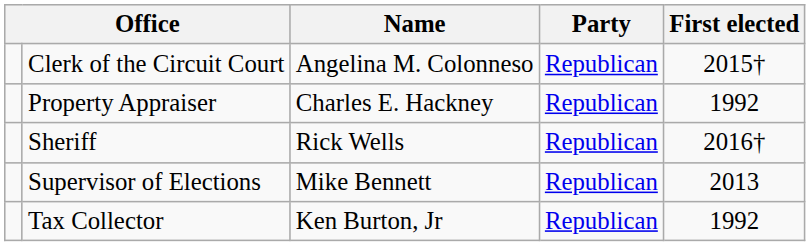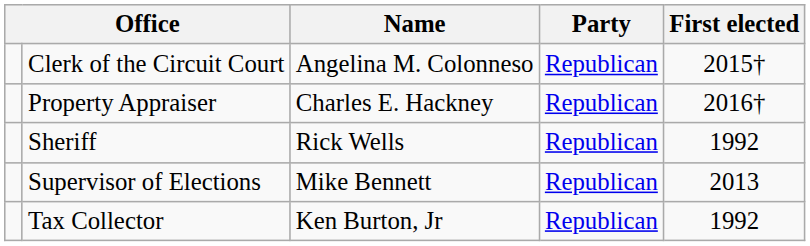 <table class="wikitable" style= margin:10px">
 <tr>
 <th colspan="2"  style="text-align:center; vertical-align:bottom;">Office</th>
 <th style="text-align:center;">Name</th>
 <th valign=bottom>Party</th>
 <th style="vertical-align:bottom; text-align:center;">First elected</th>
 </tr>
 <tr>
 <td style="background-color:"> </td>
 <td>Clerk of the Circuit Court</td>
 <td>Angelina M. Colonneso</td>
 <td style="text-align:center;"><a href='#'>Republican</a></td>
 <td style="text-align:center;">2015†</td>
 </tr>
 <tr>
 <td style="background-color:"> </td>
 <td>Property Appraiser</td>
 <td>Charles E. Hackney</td>
 <td style="text-align:center;"><a href='#'>Republican</a></td>
-<td style="text-align:center;">1992</td>
+<td style="text-align:center;">2016†</td>
 </tr>
 <tr>
 <td style="background-color:"> </td>
 <td>Sheriff</td>
 <td>Rick Wells</td>
 <td style="text-align:center;"><a href='#'>Republican</a></td>
-<td style="text-align:center;">2016†</td>
+<td style="text-align:center;">1992</td>
 </tr>
 <tr>
 <td style="background-color:"> </td>
 <td>Supervisor of Elections</td>
 <td>Mike Bennett</td>
 <td style="text-align:center;"><a href='#'>Republican</a></td>
 <td style="text-align:center;">2013</td>
 </tr>
 <tr>
 <td style="background-color:"> </td>
 <td>Tax Collector</td>
 <td>Ken Burton, Jr</td>
 <td style="text-align:center;"><a href='#'>Republican</a></td>
 <td style="text-align:center;">1992</td>
 </tr>
 </table>
